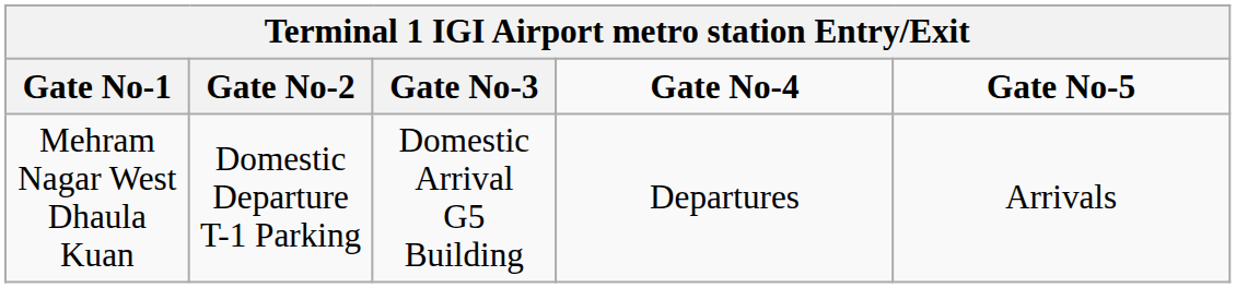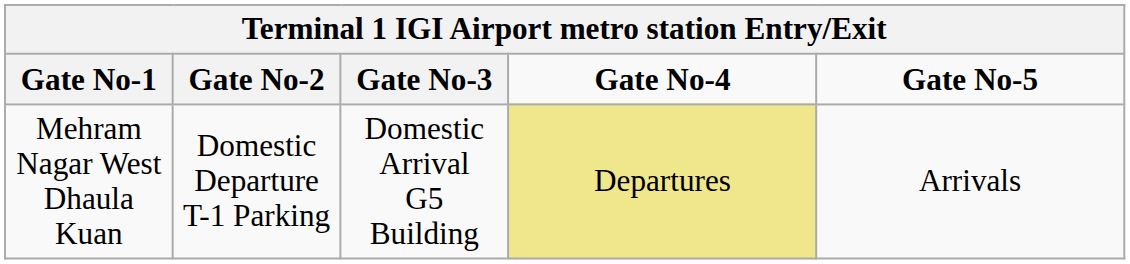 <table class="wikitable" style="text-align: center;" width="65%">
 <tr>
 <th align="center" colspan="5" style="background:#"><span>Terminal 1 IGI Airport metro station Entry/Exit</span></th>
 </tr>
 <tr>
 <th style="width:15%;">Gate No-1 </th>
 <th style="width:15%;">Gate No-2 </th>
 <th style="width:15%;">Gate No-3 </th>
 <td><strong>Gate No-4</strong></td>
 <td><strong>Gate No-5</strong></td>
 </tr>
 <tr>
 <td>Mehram Nagar West<br>Dhaula Kuan</td>
 <td>Domestic Departure <br>T-1 Parking</td>
 <td>Domestic Arrival<br>G5 Building</td>
-<td>Departures</td>
+<td style="background: khaki;">Departures</td>
 <td>Arrivals</td>
 </tr>
 </table>
